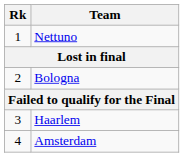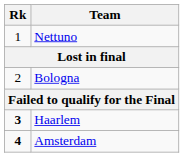 <table class=wikitable style=text-align:center>
 <tr>
 <th width=25>Rk</th>
 <th width=170>Team</th>
 </tr>
 <tr>
 <td>1</td>
 <td align=left> <a href='#'>Nettuno</a></td>
 </tr>
 <tr>
 <th colspan="6">Lost in final</th>
 </tr>
 <tr>
 <td>2</td>
 <td align=left> <a href='#'>Bologna</a></td>
 </tr>
 <tr>
 <th colspan="6">Failed to qualify for the Final</th>
 </tr>
 <tr>
-<td>3</td>
+<td><strong>3</strong></td>
 <td align=left> <a href='#'>Haarlem</a></td>
 </tr>
 <tr>
-<td>4</td>
+<td><strong>4</strong></td>
 <td align=left> <a href='#'>Amsterdam</a></td>
 </tr>
 </table>
